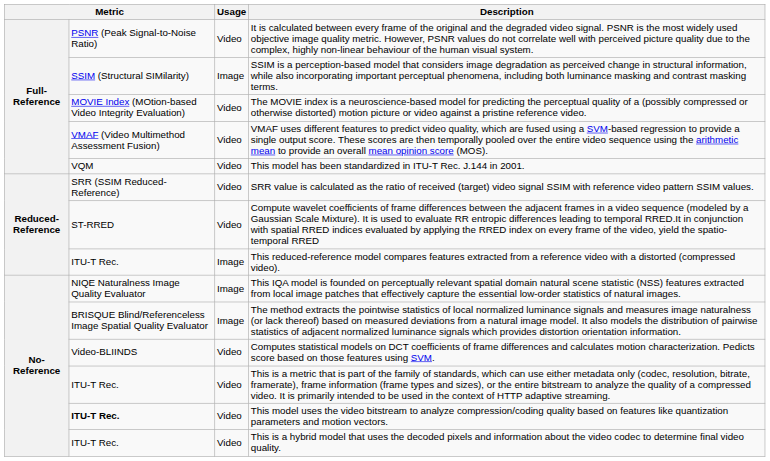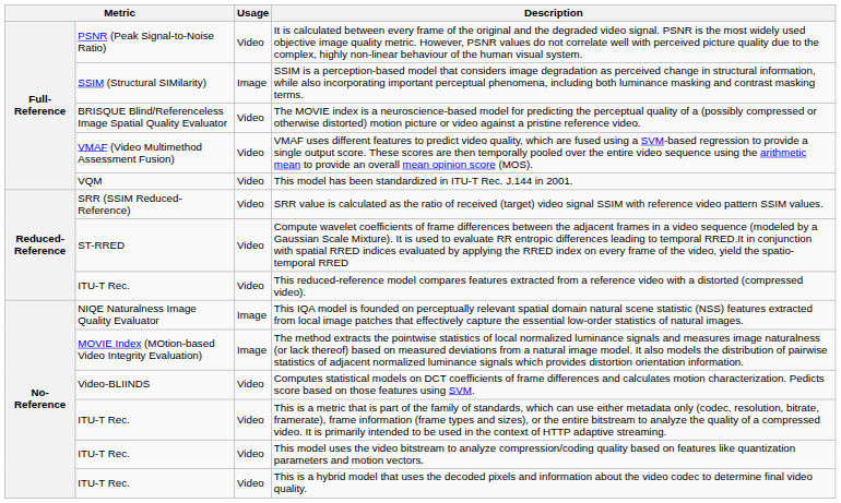 <table class="wikitable">
 <tr>
 <th colspan="2">Metric</th>
 <th>Usage</th>
 <th>Description</th>
 </tr>
 <tr>
 <th rowspan="5">Full-Reference</th>
 <td><a href='#'>PSNR</a> (Peak Signal-to-Noise Ratio)</td>
 <td>Video</td>
 <td>It is calculated between every frame of the original and the degraded video signal. PSNR is the most widely used objective image quality metric. However, PSNR values do not correlate well with perceived picture quality due to the complex, highly non-linear behaviour of the human visual system.</td>
 </tr>
 <tr>
 <td><a href='#'>SSIM</a> (Structural SIMilarity)</td>
 <td>Image</td>
 <td>SSIM is a perception-based model that considers image degradation as perceived change in structural information, while also incorporating important perceptual phenomena, including both luminance masking and contrast masking terms.</td>
 </tr>
 <tr>
-<td><a href='#'>MOVIE Index</a> (MOtion-based Video Integrity Evaluation)</td>
+<td>BRISQUE Blind/Referenceless Image Spatial Quality Evaluator</td>
 <td>Video</td>
 <td>The MOVIE index is a neuroscience-based model for predicting the perceptual quality of a (possibly compressed or otherwise distorted) motion picture or video against a pristine reference video.</td>
 </tr>
 <tr>
 <td><a href='#'>VMAF</a> (Video Multimethod Assessment Fusion)</td>
 <td>Video</td>
 <td>VMAF uses different features to predict video quality, which are fused using a <a href='#'>SVM</a>-based regression to provide a single output score. These scores are then temporally pooled over the entire video sequence using the <a href='#'>arithmetic mean</a> to provide an overall <a href='#'>mean opinion score</a> (MOS).</td>
 </tr>
 <tr>
 <td>VQM</td>
 <td>Video</td>
 <td>This model has been standardized in ITU-T Rec. J.144 in 2001.</td>
 </tr>
 <tr>
 <th rowspan="3">Reduced-Reference</th>
 <td>SRR (SSIM Reduced-Reference)</td>
 <td>Video</td>
 <td>SRR value is calculated as the ratio of received (target) video signal SSIM with reference video pattern SSIM values.</td>
 </tr>
 <tr>
 <td>ST-RRED</td>
 <td>Video</td>
 <td>Compute wavelet coefficients of frame differences between the adjacent frames in a video sequence (modeled by a Gaussian Scale Mixture). It is used to evaluate RR entropic differences leading to temporal RRED.It in conjunction with spatial RRED indices evaluated by applying the RRED index on every frame of the video, yield the spatio-temporal RRED</td>
 </tr>
 <tr>
 <td>ITU-T Rec. </td>
-<td>Image</td>
+<td>Video</td>
 <td>This reduced-reference model compares features extracted from a reference video with a distorted (compressed video).</td>
 </tr>
 <tr>
 <th rowspan="6">No-Reference</th>
 <td>NIQE Naturalness Image Quality Evaluator</td>
 <td>Image</td>
 <td>This IQA model is founded on perceptually relevant spatial domain natural scene statistic (NSS) features extracted from local image patches that effectively capture the essential low-order statistics of natural images.</td>
 </tr>
 <tr>
-<td>BRISQUE Blind/Referenceless Image Spatial Quality Evaluator</td>
+<td><a href='#'>MOVIE Index</a> (MOtion-based Video Integrity Evaluation)</td>
 <td>Image</td>
 <td>The method extracts the pointwise statistics of local normalized luminance signals and measures image naturalness (or lack thereof) based on measured deviations from a natural image model. It also models the distribution of pairwise statistics of adjacent normalized luminance signals which provides distortion orientation information.</td>
 </tr>
 <tr>
 <td>Video-BLIINDS</td>
 <td>Video</td>
 <td>Computes statistical models on DCT coefficients of frame differences and calculates motion characterization. Pedicts score based on those features using <a href='#'>SVM</a>.</td>
 </tr>
 <tr>
 <td>ITU-T Rec. </td>
 <td>Video</td>
 <td>This is a metric that is part of the  family of standards, which can use either metadata only (codec, resolution, bitrate, framerate), frame information (frame types and sizes), or the entire bitstream to analyze the quality of a compressed video. It is primarily intended to be used in the context of HTTP adaptive streaming.</td>
 </tr>
 <tr>
-<td><strong>ITU-T Rec. </strong></td>
+<td>ITU-T Rec. </td>
 <td>Video</td>
 <td>This model uses the video bitstream to analyze compression/coding quality based on features like quantization parameters and motion vectors.</td>
 </tr>
 <tr>
 <td>ITU-T Rec. </td>
 <td>Video</td>
 <td>This is a hybrid model that uses the decoded pixels and information about the video codec to determine final video quality.</td>
 </tr>
 </table>
